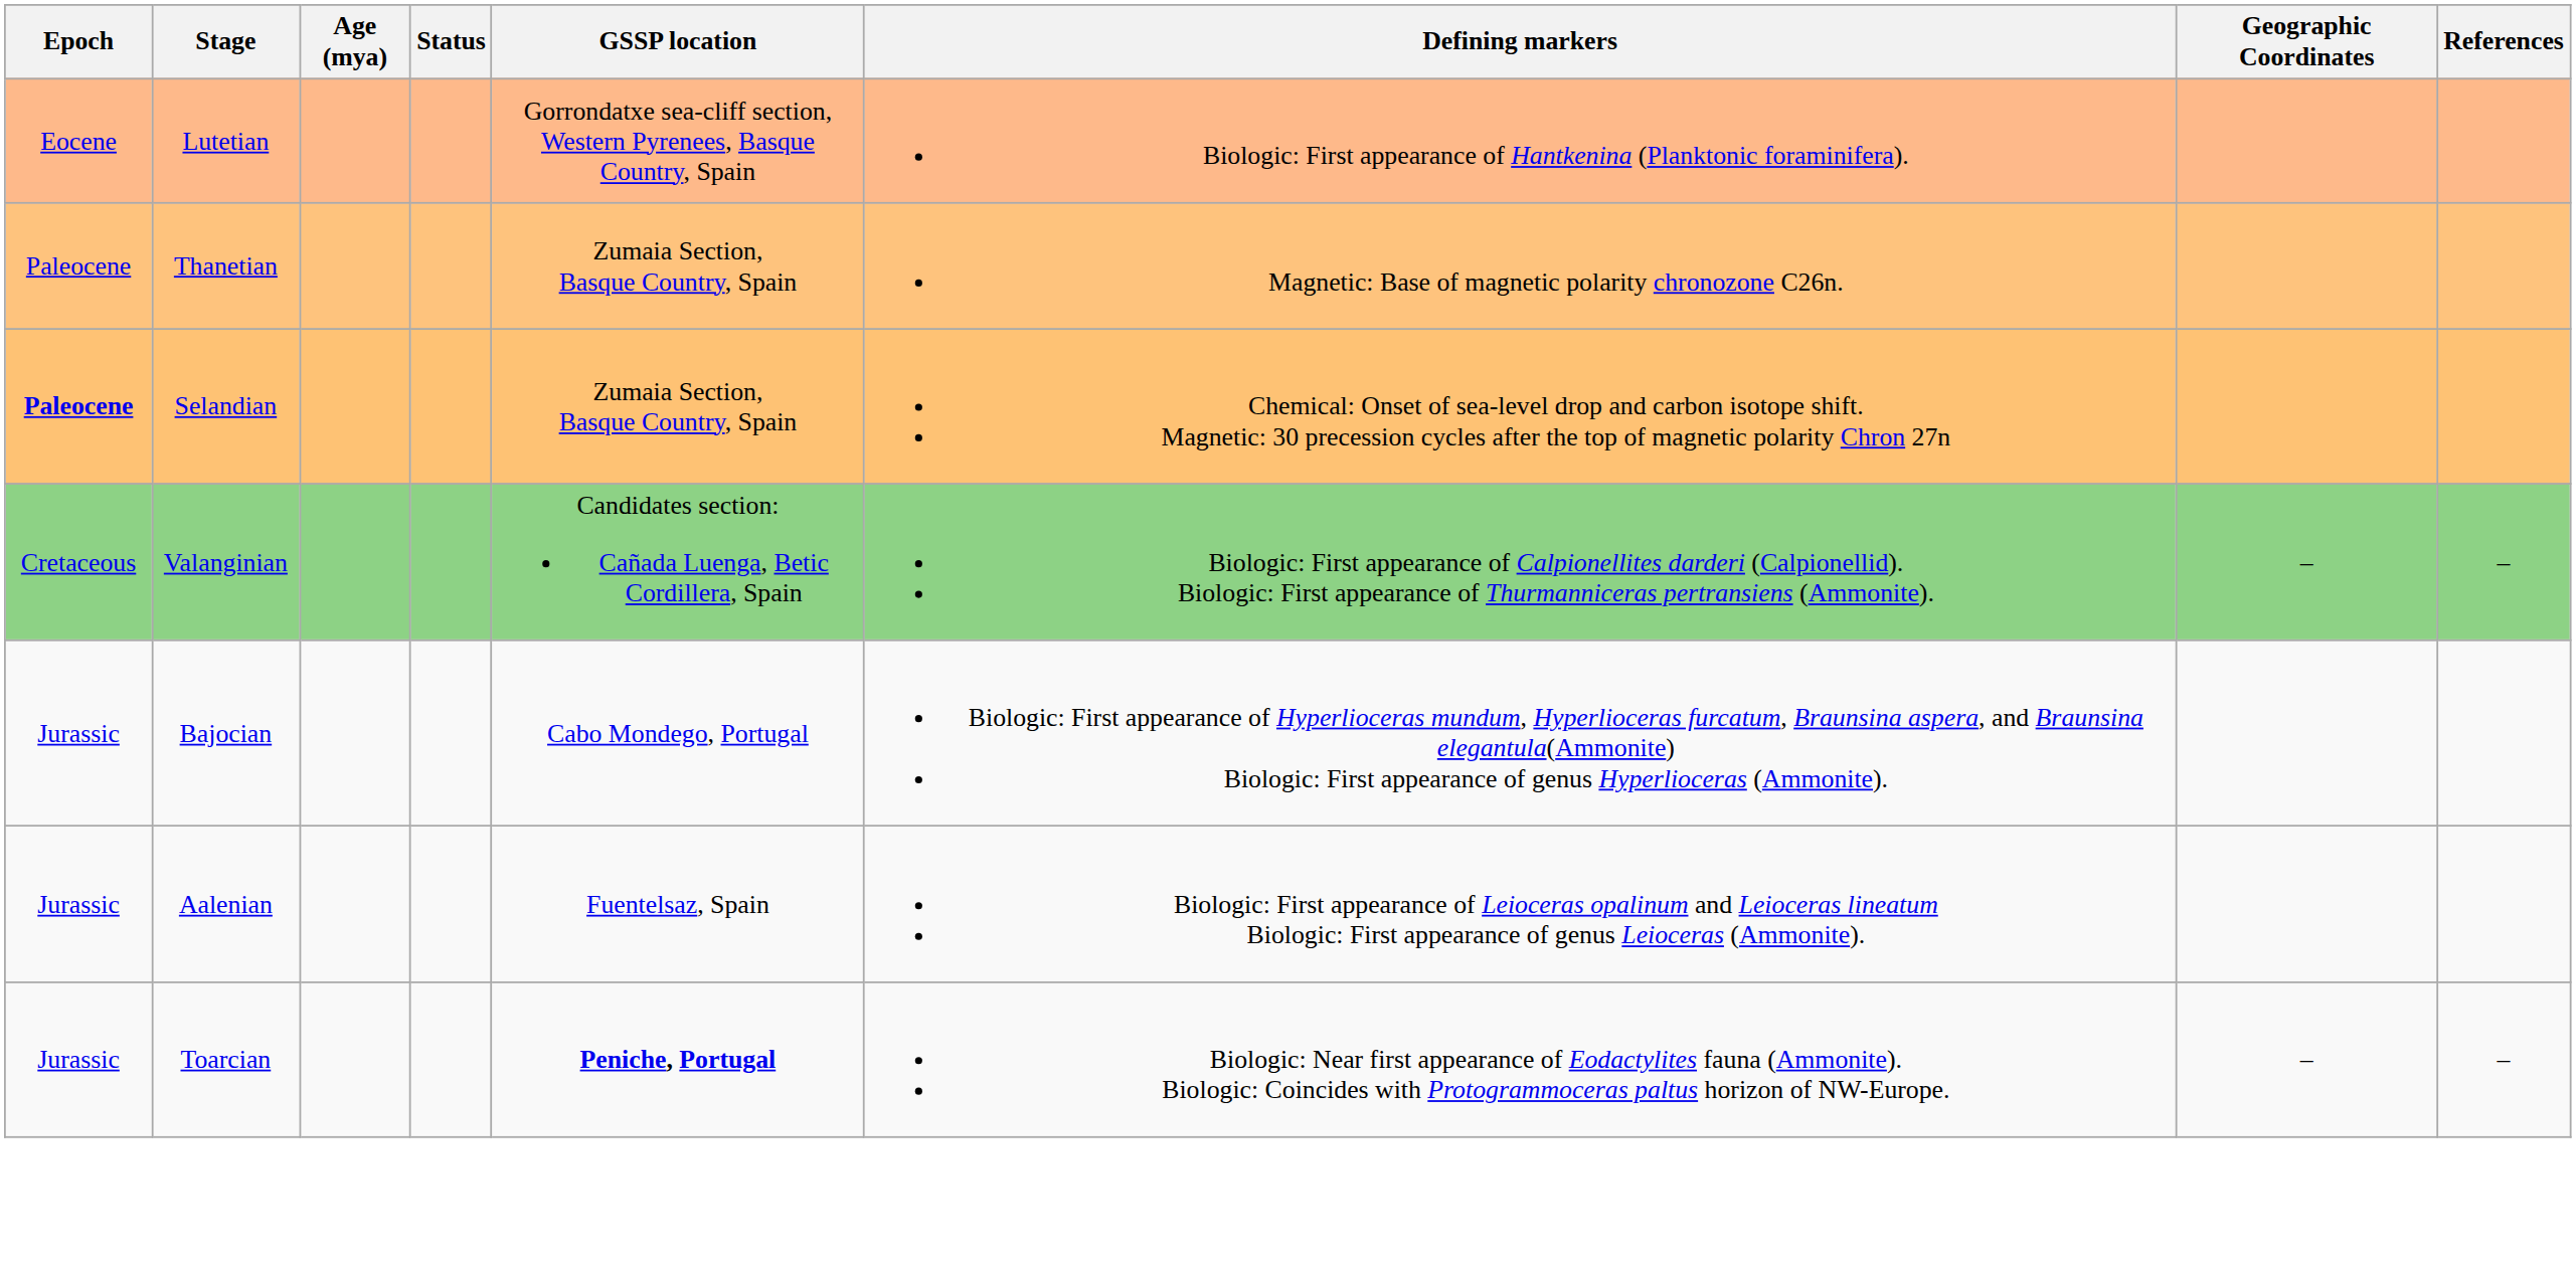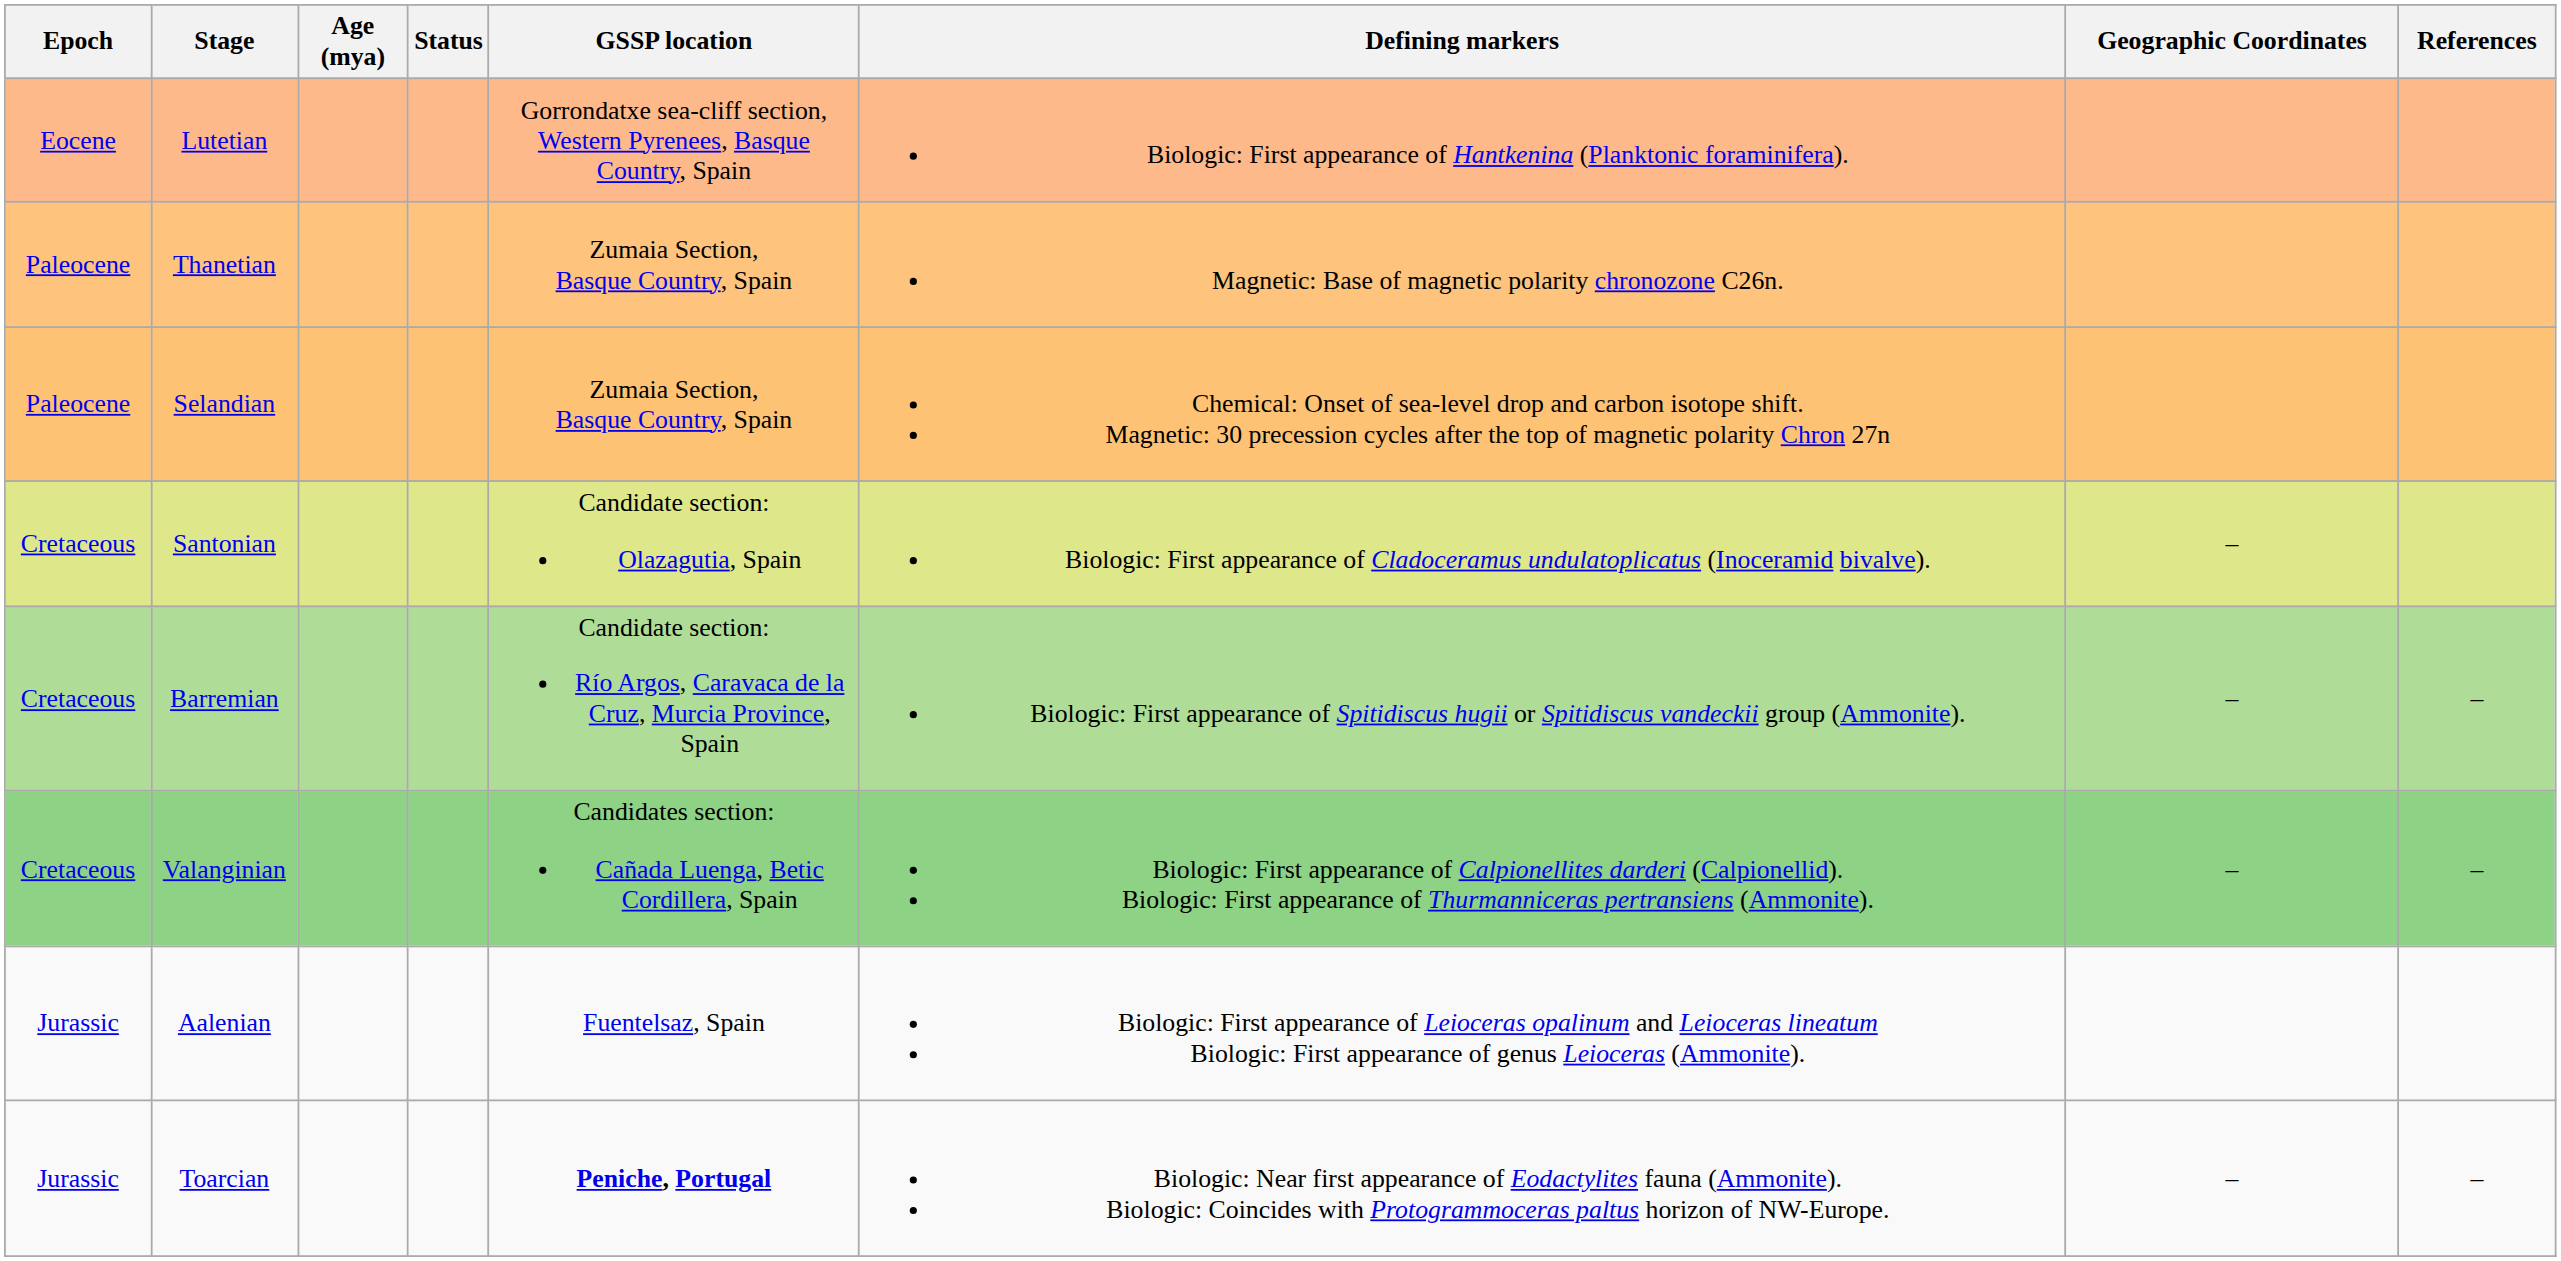 <table class="wikitable"  style="font-size:90%; width:90%; text-align:center;">
 <tr>
 <th style="width:75px;">Epoch</th>
 <th style="width:75px;">Stage</th>
 <th style="width:55px;">Age (mya)</th>
 <th width="15px;">Status</th>
 <th style="width:200px;">GSSP location</th>
 <th width="">Defining markers</th>
 <th width="">Geographic Coordinates</th>
 <th width="">References</th>
 </tr>
 <tr style="background:rgb(254,185,138)">
 <td><a href='#'>Eocene</a></td>
 <td><a href='#'>Lutetian</a></td>
 <td></td>
 <td></td>
 <td>Gorrondatxe sea-cliff section,<br><a href='#'>Western Pyrenees</a>, <a href='#'>Basque Country</a>, Spain</td>
 <td><br><ul><li>Biologic: First appearance of <em><a href='#'>Hantkenina</a></em> (<a href='#'>Planktonic foraminifera</a>).</li></ul></td>
 <td></td>
 <td></td>
 </tr>
 <tr style="background:rgb(254,195,125)">
 <td><a href='#'>Paleocene</a></td>
 <td><a href='#'>Thanetian</a></td>
 <td></td>
 <td></td>
 <td>Zumaia Section,<br><a href='#'>Basque Country</a>, Spain</td>
 <td><br><ul><li>Magnetic: Base of magnetic polarity <a href='#'>chronozone</a> C26n.</li></ul></td>
 <td></td>
 <td></td>
 </tr>
 <tr style="background:rgb(254,194,116)">
-<td><strong><a href='#'>Paleocene</a></strong></td>
+<td><a href='#'>Paleocene</a></td>
 <td><a href='#'>Selandian</a></td>
 <td></td>
 <td></td>
 <td>Zumaia Section,<br><a href='#'>Basque Country</a>, Spain</td>
 <td><br><ul><li>Chemical: Onset of sea-level drop and carbon isotope shift.</li><li>Magnetic: 30 precession cycles after the top of magnetic polarity <a href='#'>Chron</a> 27n</li></ul></td>
 <td></td>
 <td></td>
+</tr>
+<tr style="background:rgb(222,231,138)">
+<td><a href='#'>Cretaceous</a></td>
+<td><a href='#'>Santonian</a></td>
+<td></td>
+<td></td>
+<td>Candidate section:<br><ul><li><a href='#'>Olazagutia</a>, Spain</li></ul></td>
+<td><br><ul><li>Biologic: First appearance of <em><a href='#'>Cladoceramus undulatoplicatus</a></em> (<a href='#'>Inoceramid</a> <a href='#'>bivalve</a>).</li></ul></td>
+<td>–</td>
+<td></td>
+</tr>
+<tr style="background:rgb(175,221,151)">
+<td><a href='#'>Cretaceous</a></td>
+<td><a href='#'>Barremian</a></td>
+<td></td>
+<td></td>
+<td>Candidate section:<br><ul><li><a href='#'>Río Argos</a>, <a href='#'>Caravaca de la Cruz</a>, <a href='#'>Murcia Province</a>, Spain</li></ul></td>
+<td><br><ul><li>Biologic: First appearance of <em><a href='#'>Spitidiscus hugii</a></em> or <em><a href='#'>Spitidiscus vandeckii</a></em> group (<a href='#'>Ammonite</a>).</li></ul></td>
+<td>–</td>
+<td>–</td>
 </tr>
 <tr style="background:rgb(141,210,133)">
 <td><a href='#'>Cretaceous</a></td>
 <td><a href='#'>Valanginian</a></td>
 <td></td>
 <td></td>
 <td>Candidates section:<br><ul><li><a href='#'>Cañada Luenga</a>, <a href='#'>Betic Cordillera</a>, Spain</li></ul></td>
 <td><br><ul><li>Biologic: First appearance of <em><a href='#'>Calpionellites darderi</a></em> (<a href='#'>Calpionellid</a>).</li><li>Biologic: First appearance of <em><a href='#'>Thurmanniceras pertransiens</a></em> (<a href='#'>Ammonite</a>).</li></ul></td>
 <td>–</td>
 <td>–</td>
-</tr>
-<tr style="background:">
-<td><a href='#'>Jurassic</a></td>
-<td><a href='#'>Bajocian</a></td>
-<td></td>
-<td></td>
-<td><a href='#'>Cabo Mondego</a>, <a href='#'>Portugal</a></td>
-<td><br><ul><li>Biologic: First appearance of <em><a href='#'>Hyperlioceras mundum</a></em>, <em><a href='#'>Hyperlioceras furcatum</a></em>, <em><a href='#'>Braunsina aspera</a></em>, and <em><a href='#'>Braunsina elegantula</a></em>(<a href='#'>Ammonite</a>)</li><li>Biologic: First appearance of genus <em><a href='#'>Hyperlioceras</a></em> (<a href='#'>Ammonite</a>).</li></ul></td>
-<td></td>
-<td></td>
 </tr>
 <tr style="background:">
 <td><a href='#'>Jurassic</a></td>
 <td><a href='#'>Aalenian</a></td>
 <td></td>
 <td></td>
 <td><a href='#'>Fuentelsaz</a>, Spain</td>
 <td><br><ul><li>Biologic: First appearance of <em><a href='#'>Leioceras opalinum</a></em> and <em><a href='#'>Leioceras lineatum</a></em></li><li>Biologic: First appearance of genus <em><a href='#'>Leioceras</a></em> (<a href='#'>Ammonite</a>).</li></ul></td>
 <td></td>
 <td></td>
 </tr>
 <tr style="background:">
 <td><a href='#'>Jurassic</a></td>
 <td><a href='#'>Toarcian</a></td>
 <td></td>
 <td></td>
 <td><strong><a href='#'>Peniche</a>, <a href='#'>Portugal</a></strong></td>
 <td><br><ul><li>Biologic: Near first appearance of <em><a href='#'>Eodactylites</a></em> fauna (<a href='#'>Ammonite</a>).</li><li>Biologic: Coincides with <em><a href='#'>Protogrammoceras paltus</a></em> horizon of NW-Europe.</li></ul></td>
 <td>–</td>
 <td>–</td>
 </tr>
 </table>
